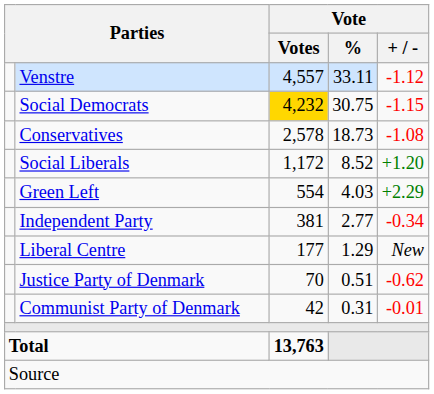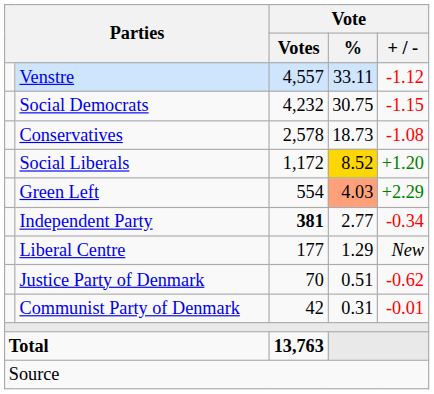 <table class="wikitable" style="text-align:right;">
 <tr>
 <th style="text-align:centre;" rowspan="2" colspan="2" width="225">Parties</th>
 <th colspan="3">Vote</th>
 </tr>
 <tr>
 <th width="15">Votes</th>
 <th width="15">%</th>
 <th width="15">+ / -</th>
 </tr>
 <tr>
 <td width="2" style="color:inherit;background:"></td>
 <td bgcolor=#cfe5fe  align="left"><a href='#'>Venstre</a></td>
 <td bgcolor=#cfe5fe>4,557</td>
 <td bgcolor=#cfe5fe>33.11</td>
 <td style=color:red;>-1.12</td>
 </tr>
 <tr>
 <td width="2" style="color:inherit;background:"></td>
 <td align="left"><a href='#'>Social Democrats</a></td>
-<td style="background: gold;">4,232</td>
+<td>4,232</td>
 <td>30.75</td>
 <td style=color:red;>-1.15</td>
 </tr>
 <tr>
 <td width="2" style="color:inherit;background:"></td>
 <td align="left"><a href='#'>Conservatives</a></td>
 <td>2,578</td>
 <td>18.73</td>
 <td style=color:red;>-1.08</td>
 </tr>
 <tr>
 <td width="2" style="color:inherit;background:"></td>
 <td align="left"><a href='#'>Social Liberals</a></td>
 <td>1,172</td>
-<td>8.52</td>
+<td style="background: gold;">8.52</td>
 <td style=color:green;>+1.20</td>
 </tr>
 <tr>
 <td width="2" style="color:inherit;background:"></td>
 <td align="left"><a href='#'>Green Left</a></td>
 <td>554</td>
-<td>4.03</td>
+<td style="background: lightsalmon;">4.03</td>
 <td style=color:green;>+2.29</td>
 </tr>
 <tr>
 <td width="2" style="color:inherit;background:"></td>
 <td align="left"><a href='#'>Independent Party</a></td>
-<td>381</td>
+<td><strong>381</strong></td>
 <td>2.77</td>
 <td style=color:red;>-0.34</td>
 </tr>
 <tr>
 <td width="2" style="color:inherit;background:"></td>
 <td align="left"><a href='#'>Liberal Centre</a></td>
 <td>177</td>
 <td>1.29</td>
 <td><em>New</em></td>
 </tr>
 <tr>
 <td width="2" style="color:inherit;background:"></td>
 <td align="left"><a href='#'>Justice Party of Denmark</a></td>
 <td>70</td>
 <td>0.51</td>
 <td style=color:red;>-0.62</td>
 </tr>
 <tr>
 <td width="2" style="color:inherit;background:"></td>
 <td align="left"><a href='#'>Communist Party of Denmark</a></td>
 <td>42</td>
 <td>0.31</td>
 <td style=color:red;>-0.01</td>
 </tr>
 <tr>
 <td colspan="7" bgcolor="#E9E9E9"></td>
 </tr>
 <tr>
 <td align="left" colspan="2"><strong>Total</strong></td>
 <td><strong>13,763</strong></td>
 <td bgcolor="#E9E9E9" colspan="2"></td>
 </tr>
 <tr>
 <td align="left" colspan="6">Source</td>
 </tr>
 </table>
